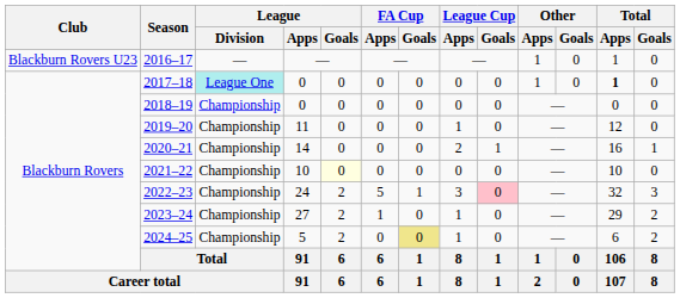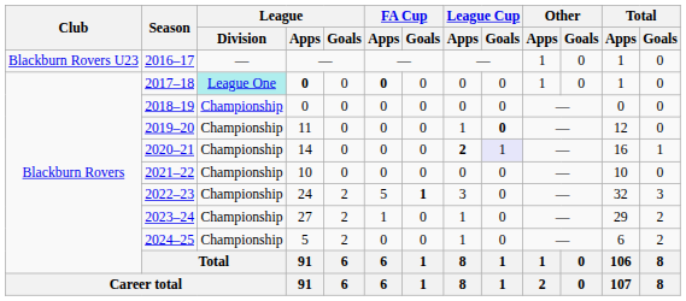 <table class="wikitable" style="text-align:center">
 <tr>
 <th rowspan="2">Club</th>
 <th rowspan="2">Season</th>
 <th colspan="3">League</th>
 <th colspan="2"><a href='#'>FA Cup</a></th>
 <th colspan="2"><a href='#'>League Cup</a></th>
 <th colspan="2">Other</th>
 <th colspan="2">Total</th>
 </tr>
 <tr>
 <th>Division</th>
 <th>Apps</th>
 <th>Goals</th>
 <th>Apps</th>
 <th>Goals</th>
 <th>Apps</th>
 <th>Goals</th>
 <th>Apps</th>
 <th>Goals</th>
 <th>Apps</th>
 <th>Goals</th>
 </tr>
 <tr>
 <td><a href='#'>Blackburn Rovers U23</a></td>
 <td><a href='#'>2016–17</a></td>
 <td colspan=1>—</td>
 <td colspan="2">—</td>
 <td colspan="2">—</td>
 <td colspan="2">—</td>
 <td>1</td>
 <td>0</td>
 <td>1</td>
 <td>0</td>
 </tr>
 <tr>
 <td rowspan="9"><a href='#'>Blackburn Rovers</a></td>
 <td><a href='#'>2017–18</a></td>
 <td style="background: paleturquoise;"><a href='#'>League One</a></td>
+<td><strong>0</strong></td>
 <td>0</td>
-<td>0</td>
-<td>0</td>
+<td><strong>0</strong></td>
 <td>0</td>
 <td>0</td>
 <td>0</td>
 <td>1</td>
 <td>0</td>
-<td><strong>1</strong></td>
+<td>1</td>
 <td>0</td>
 </tr>
 <tr>
 <td><a href='#'>2018–19</a></td>
 <td><a href='#'>Championship</a></td>
 <td>0</td>
 <td>0</td>
 <td>0</td>
 <td>0</td>
 <td>0</td>
 <td>0</td>
 <td colspan="2">—</td>
 <td>0</td>
 <td>0</td>
 </tr>
 <tr>
 <td><a href='#'>2019–20</a></td>
 <td>Championship</td>
 <td>11</td>
 <td>0</td>
 <td>0</td>
 <td>0</td>
 <td>1</td>
-<td>0</td>
+<td><strong>0</strong></td>
 <td colspan="2">—</td>
 <td>12</td>
 <td>0</td>
 </tr>
 <tr>
 <td><a href='#'>2020–21</a></td>
 <td>Championship</td>
 <td>14</td>
 <td>0</td>
 <td>0</td>
 <td>0</td>
-<td>2</td>
-<td>1</td>
+<td><strong>2</strong></td>
+<td style="background: lavender;">1</td>
 <td colspan="2">—</td>
 <td>16</td>
 <td>1</td>
 </tr>
 <tr>
 <td><a href='#'>2021–22</a></td>
 <td>Championship</td>
 <td>10</td>
-<td style="background: lightyellow;">0</td>
+<td>0</td>
 <td>0</td>
 <td>0</td>
 <td>0</td>
 <td>0</td>
 <td colspan="2">—</td>
 <td>10</td>
 <td>0</td>
 </tr>
 <tr>
 <td><a href='#'>2022–23</a></td>
 <td>Championship</td>
 <td>24</td>
 <td>2</td>
 <td>5</td>
-<td>1</td>
+<td><strong>1</strong></td>
 <td>3</td>
-<td style="background: pink;">0</td>
+<td>0</td>
 <td colspan="2">—</td>
 <td>32</td>
 <td>3</td>
 </tr>
 <tr>
 <td><a href='#'>2023–24</a></td>
 <td>Championship</td>
 <td>27</td>
 <td>2</td>
 <td>1</td>
 <td>0</td>
 <td>1</td>
 <td>0</td>
 <td colspan="2">—</td>
 <td>29</td>
 <td>2</td>
 </tr>
 <tr>
 <td><a href='#'>2024–25</a></td>
 <td>Championship</td>
 <td>5</td>
 <td>2</td>
 <td>0</td>
-<td style="background: khaki;">0</td>
+<td>0</td>
 <td>1</td>
 <td>0</td>
 <td colspan="2">—</td>
 <td>6</td>
 <td>2</td>
 </tr>
 <tr>
 <th colspan="2">Total</th>
 <th>91</th>
 <th>6</th>
 <th>6</th>
 <th>1</th>
 <th>8</th>
 <th>1</th>
 <th>1</th>
 <th>0</th>
 <th>106</th>
 <th>8</th>
 </tr>
 <tr>
 <th colspan="3">Career total</th>
 <th>91</th>
 <th>6</th>
 <th>6</th>
 <th>1</th>
 <th>8</th>
 <th>1</th>
 <th>2</th>
 <th>0</th>
 <th>107</th>
 <th>8</th>
 </tr>
 </table>
